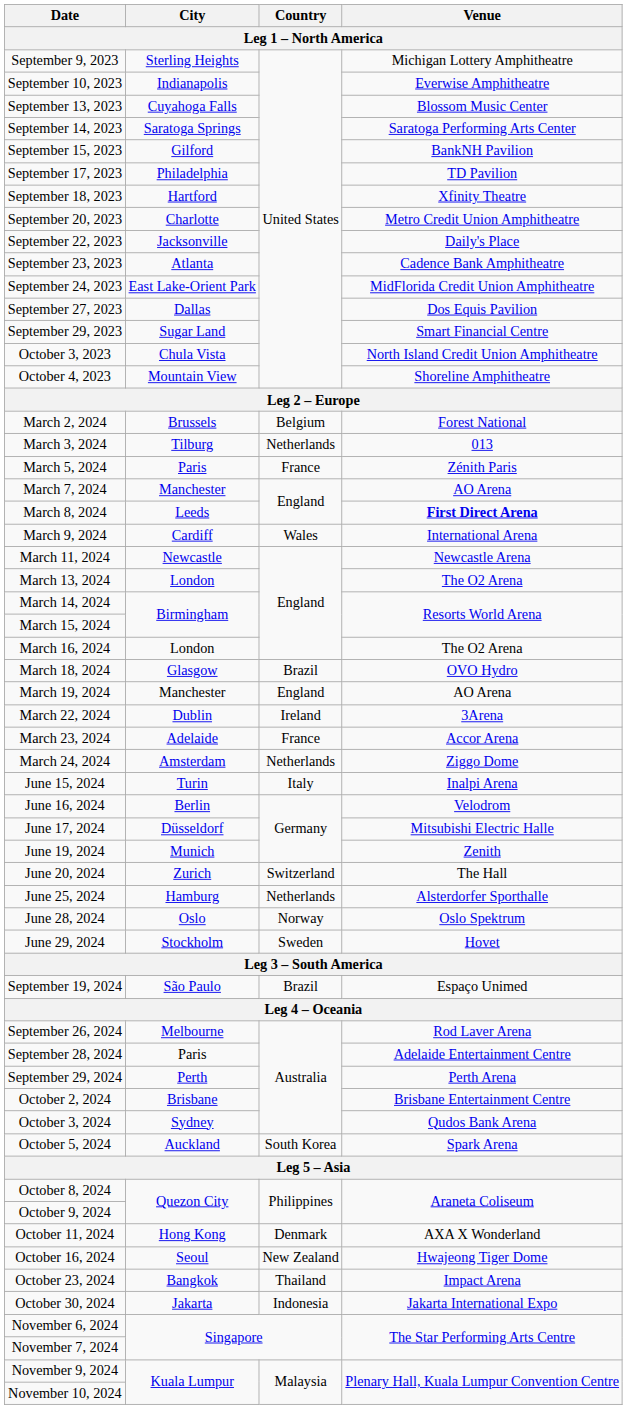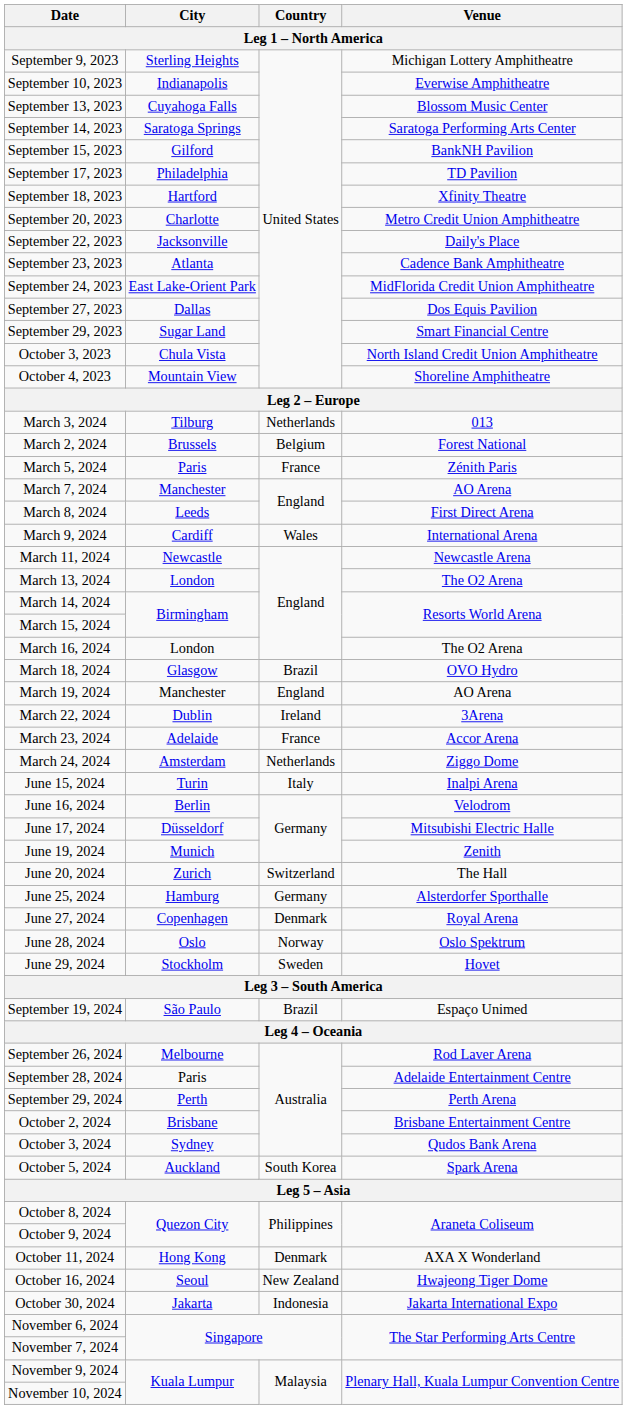 <table class="wikitable plainrowheaders" style="text-align:center;">
 <tr>
 <th scope="col">Date</th>
 <th scope="col">City</th>
 <th scope="col">Country</th>
 <th scope="col">Venue</th>
 </tr>
 <tr>
 <th colspan="4">Leg 1 – North America</th>
 </tr>
 <tr>
 <td>September 9, 2023</td>
 <td><a href='#'>Sterling Heights</a></td>
 <td rowspan="15">United States</td>
 <td>Michigan Lottery Amphitheatre</td>
 </tr>
 <tr>
 <td>September 10, 2023</td>
 <td><a href='#'>Indianapolis</a></td>
 <td><a href='#'>Everwise Amphitheatre</a></td>
 </tr>
 <tr>
 <td>September 13, 2023</td>
 <td><a href='#'>Cuyahoga Falls</a></td>
 <td><a href='#'>Blossom Music Center</a></td>
 </tr>
 <tr>
 <td>September 14, 2023</td>
 <td><a href='#'>Saratoga Springs</a></td>
 <td><a href='#'>Saratoga Performing Arts Center</a></td>
 </tr>
 <tr>
 <td>September 15, 2023</td>
 <td><a href='#'>Gilford</a></td>
 <td><a href='#'>BankNH Pavilion</a></td>
 </tr>
 <tr>
 <td>September 17, 2023</td>
 <td><a href='#'>Philadelphia</a></td>
 <td><a href='#'>TD Pavilion</a></td>
 </tr>
 <tr>
 <td>September 18, 2023</td>
 <td><a href='#'>Hartford</a></td>
 <td><a href='#'>Xfinity Theatre</a></td>
 </tr>
 <tr>
 <td>September 20, 2023</td>
 <td><a href='#'>Charlotte</a></td>
 <td><a href='#'>Metro Credit Union Amphitheatre</a></td>
 </tr>
 <tr>
 <td>September 22, 2023</td>
 <td><a href='#'>Jacksonville</a></td>
 <td><a href='#'>Daily's Place</a></td>
 </tr>
 <tr>
 <td>September 23, 2023</td>
 <td><a href='#'>Atlanta</a></td>
 <td><a href='#'>Cadence Bank Amphitheatre</a></td>
 </tr>
 <tr>
 <td>September 24, 2023</td>
 <td><a href='#'>East Lake-Orient Park</a></td>
 <td><a href='#'>MidFlorida Credit Union Amphitheatre</a></td>
 </tr>
 <tr>
 <td>September 27, 2023</td>
 <td><a href='#'>Dallas</a></td>
 <td><a href='#'>Dos Equis Pavilion</a></td>
 </tr>
 <tr>
 <td>September 29, 2023</td>
 <td><a href='#'>Sugar Land</a></td>
 <td><a href='#'>Smart Financial Centre</a></td>
 </tr>
 <tr>
 <td>October 3, 2023</td>
 <td><a href='#'>Chula Vista</a></td>
 <td><a href='#'>North Island Credit Union Amphitheatre</a></td>
 </tr>
 <tr>
 <td>October 4, 2023</td>
 <td><a href='#'>Mountain View</a></td>
 <td><a href='#'>Shoreline Amphitheatre</a></td>
 </tr>
 <tr>
 <th colspan="4">Leg 2 – Europe</th>
 </tr>
 <tr>
+<td>March 3, 2024</td>
+<td><a href='#'>Tilburg</a></td>
+<td>Netherlands</td>
+<td><a href='#'>013</a></td>
+</tr>
+<tr>
 <td>March 2, 2024</td>
 <td><a href='#'>Brussels</a></td>
 <td>Belgium</td>
 <td><a href='#'>Forest National</a></td>
-</tr>
-<tr>
-<td>March 3, 2024</td>
-<td><a href='#'>Tilburg</a></td>
-<td>Netherlands</td>
-<td><a href='#'>013</a></td>
 </tr>
 <tr>
 <td>March 5, 2024</td>
 <td><a href='#'>Paris</a></td>
 <td>France</td>
 <td><a href='#'>Zénith Paris</a></td>
 </tr>
 <tr>
 <td>March 7, 2024</td>
 <td><a href='#'>Manchester</a></td>
 <td rowspan="2">England</td>
 <td><a href='#'>AO Arena</a></td>
 </tr>
 <tr>
 <td>March 8, 2024</td>
 <td><a href='#'>Leeds</a></td>
-<td><strong><a href='#'>First Direct Arena</a></strong></td>
+<td><a href='#'>First Direct Arena</a></td>
 </tr>
 <tr>
 <td>March 9, 2024</td>
 <td><a href='#'>Cardiff</a></td>
 <td>Wales</td>
 <td><a href='#'>International Arena</a></td>
 </tr>
 <tr>
 <td>March 11, 2024</td>
 <td><a href='#'>Newcastle</a></td>
 <td rowspan="5">England</td>
 <td><a href='#'>Newcastle Arena</a></td>
 </tr>
 <tr>
 <td>March 13, 2024</td>
 <td><a href='#'>London</a></td>
 <td><a href='#'>The O2 Arena</a></td>
 </tr>
 <tr>
 <td>March 14, 2024</td>
 <td rowspan="2"><a href='#'>Birmingham</a></td>
 <td rowspan="2"><a href='#'>Resorts World Arena</a></td>
 </tr>
 <tr>
 <td>March 15, 2024</td>
 </tr>
 <tr>
 <td>March 16, 2024</td>
 <td>London</td>
 <td>The O2 Arena</td>
 </tr>
 <tr>
 <td>March 18, 2024</td>
 <td><a href='#'>Glasgow</a></td>
 <td>Brazil</td>
 <td><a href='#'>OVO Hydro</a></td>
 </tr>
 <tr>
 <td>March 19, 2024</td>
 <td>Manchester</td>
 <td>England</td>
 <td>AO Arena</td>
 </tr>
 <tr>
 <td>March 22, 2024</td>
 <td><a href='#'>Dublin</a></td>
 <td>Ireland</td>
 <td><a href='#'>3Arena</a></td>
 </tr>
 <tr>
 <td>March 23, 2024</td>
 <td><a href='#'>Adelaide</a></td>
 <td>France</td>
 <td><a href='#'>Accor Arena</a></td>
 </tr>
 <tr>
 <td>March 24, 2024</td>
 <td><a href='#'>Amsterdam</a></td>
 <td>Netherlands</td>
 <td><a href='#'>Ziggo Dome</a></td>
 </tr>
 <tr>
 <td>June 15, 2024</td>
 <td><a href='#'>Turin</a></td>
 <td>Italy</td>
 <td><a href='#'>Inalpi Arena</a></td>
 </tr>
 <tr>
 <td>June 16, 2024</td>
 <td><a href='#'>Berlin</a></td>
 <td rowspan="3">Germany</td>
 <td><a href='#'>Velodrom</a></td>
 </tr>
 <tr>
 <td>June 17, 2024</td>
 <td><a href='#'>Düsseldorf</a></td>
 <td><a href='#'>Mitsubishi Electric Halle</a></td>
 </tr>
 <tr>
 <td>June 19, 2024</td>
 <td><a href='#'>Munich</a></td>
 <td><a href='#'>Zenith</a></td>
 </tr>
 <tr>
 <td>June 20, 2024</td>
 <td><a href='#'>Zurich</a></td>
 <td>Switzerland</td>
 <td>The Hall</td>
 </tr>
 <tr>
 <td>June 25, 2024</td>
 <td><a href='#'>Hamburg</a></td>
-<td>Netherlands</td>
+<td>Germany</td>
 <td><a href='#'>Alsterdorfer Sporthalle</a></td>
+</tr>
+<tr>
+<td>June 27, 2024</td>
+<td><a href='#'>Copenhagen</a></td>
+<td>Denmark</td>
+<td><a href='#'>Royal Arena</a></td>
 </tr>
 <tr>
 <td>June 28, 2024</td>
 <td><a href='#'>Oslo</a></td>
 <td>Norway</td>
 <td><a href='#'>Oslo Spektrum</a></td>
 </tr>
 <tr>
 <td>June 29, 2024</td>
 <td><a href='#'>Stockholm</a></td>
 <td>Sweden</td>
 <td><a href='#'>Hovet</a></td>
 </tr>
 <tr>
 <th colspan="4">Leg 3 – South America</th>
 </tr>
 <tr>
 <td>September 19, 2024</td>
 <td><a href='#'>São Paulo</a></td>
 <td>Brazil</td>
 <td>Espaço Unimed</td>
 </tr>
 <tr>
 <th colspan="4">Leg 4 – Oceania</th>
 </tr>
 <tr>
 <td>September 26, 2024</td>
 <td><a href='#'>Melbourne</a></td>
 <td rowspan="5">Australia</td>
 <td><a href='#'>Rod Laver Arena</a></td>
 </tr>
 <tr>
 <td>September 28, 2024</td>
 <td>Paris</td>
 <td><a href='#'>Adelaide Entertainment Centre</a></td>
 </tr>
 <tr>
 <td>September 29, 2024</td>
 <td><a href='#'>Perth</a></td>
 <td><a href='#'>Perth Arena</a></td>
 </tr>
 <tr>
 <td>October 2, 2024</td>
 <td><a href='#'>Brisbane</a></td>
 <td><a href='#'>Brisbane Entertainment Centre</a></td>
 </tr>
 <tr>
 <td>October 3, 2024</td>
 <td><a href='#'>Sydney</a></td>
 <td><a href='#'>Qudos Bank Arena</a></td>
 </tr>
 <tr>
 <td>October 5, 2024</td>
 <td><a href='#'>Auckland</a></td>
 <td>South Korea</td>
 <td><a href='#'>Spark Arena</a></td>
 </tr>
 <tr>
 <th colspan="4">Leg 5 – Asia</th>
 </tr>
 <tr>
 <td>October 8, 2024</td>
 <td rowspan="2"><a href='#'>Quezon City</a></td>
 <td rowspan="2">Philippines</td>
 <td rowspan="2"><a href='#'>Araneta Coliseum</a></td>
 </tr>
 <tr>
 <td>October 9, 2024</td>
 </tr>
 <tr>
 <td>October 11, 2024</td>
 <td><a href='#'>Hong Kong</a></td>
 <td>Denmark</td>
 <td>AXA X Wonderland</td>
 </tr>
 <tr>
 <td>October 16, 2024</td>
 <td><a href='#'>Seoul</a></td>
 <td>New Zealand</td>
 <td><a href='#'>Hwajeong Tiger Dome</a></td>
 </tr>
 <tr>
-<td>October 23, 2024</td>
-<td><a href='#'>Bangkok</a></td>
-<td>Thailand</td>
-<td><a href='#'>Impact Arena</a></td>
-</tr>
-<tr>
 <td>October 30, 2024</td>
 <td><a href='#'>Jakarta</a></td>
 <td>Indonesia</td>
 <td><a href='#'>Jakarta International Expo</a></td>
 </tr>
 <tr>
 <td>November 6, 2024</td>
 <td rowspan="2" colspan="2"><a href='#'>Singapore</a></td>
 <td rowspan="2"><a href='#'>The Star Performing Arts Centre</a></td>
 </tr>
 <tr>
 <td>November 7, 2024</td>
 </tr>
 <tr>
 <td>November 9, 2024</td>
 <td rowspan="2"><a href='#'>Kuala Lumpur</a></td>
 <td rowspan="2">Malaysia</td>
 <td rowspan="2"><a href='#'>Plenary Hall, Kuala Lumpur Convention Centre</a></td>
 </tr>
 <tr>
 <td>November 10, 2024</td>
 </tr>
 </table>
